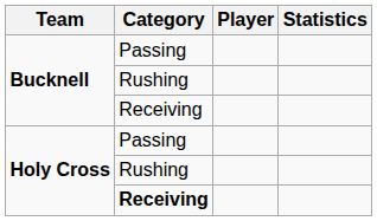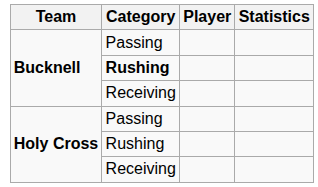 <table class="wikitable" style="float: right;">
 <tr>
 <th>Team</th>
 <th>Category</th>
 <th>Player</th>
 <th>Statistics</th>
 </tr>
 <tr>
 <td rowspan=3><strong>Bucknell</strong></td>
 <td>Passing</td>
 <td></td>
 <td></td>
 </tr>
 <tr>
-<td>Rushing</td>
+<td><strong>Rushing</strong></td>
 <td></td>
 <td></td>
 </tr>
 <tr>
 <td>Receiving</td>
 <td></td>
 <td></td>
 </tr>
 <tr>
 <td rowspan=3><strong>Holy Cross</strong></td>
 <td>Passing</td>
 <td></td>
 <td></td>
 </tr>
 <tr>
 <td>Rushing</td>
 <td></td>
 <td></td>
 </tr>
 <tr>
-<td><strong>Receiving</strong></td>
+<td>Receiving</td>
 <td></td>
 <td></td>
 </tr>
 </table>
